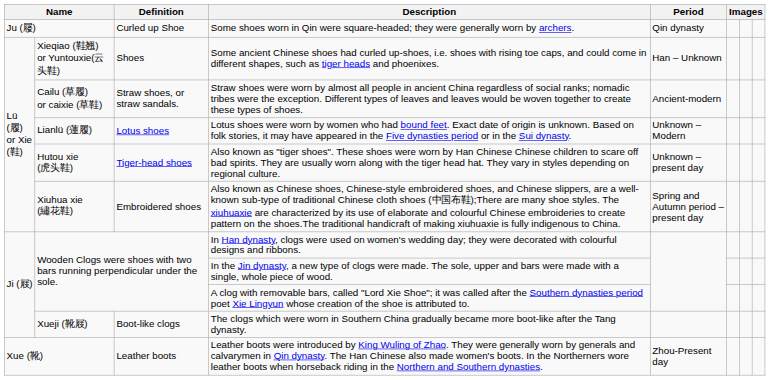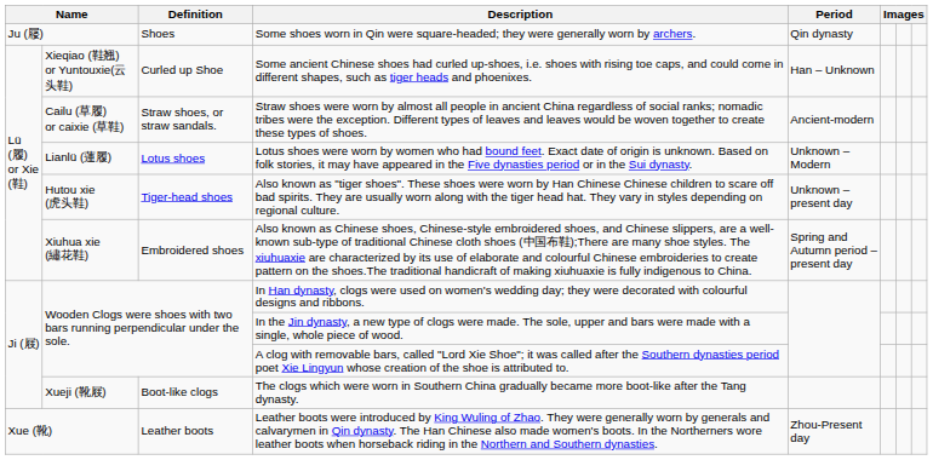 <table class="wikitable sortable mw-collapsible">
 <tr>
 <th colspan="2">Name</th>
 <th>Definition</th>
 <th>Description</th>
 <th>Period</th>
 <th colspan="3">Images</th>
 </tr>
 <tr>
 <td colspan="2">Ju (屦)</td>
-<td>Curled up Shoe</td>
+<td>Shoes</td>
 <td>Some shoes worn in Qin were square-headed; they were generally worn by <a href='#'>archers</a>.</td>
 <td>Qin dynasty</td>
 <td></td>
 <td></td>
 <td></td>
 </tr>
 <tr>
 <td rowspan="5">Lü (履) or Xie<br>(鞋)</td>
 <td>Xieqiao (鞋翘)<br>or Yuntouxie(云头鞋)</td>
-<td>Shoes</td>
+<td>Curled up Shoe</td>
 <td>Some ancient Chinese shoes had curled up-shoes, i.e. shoes with rising toe caps, and could come in different shapes, such as <a href='#'>tiger heads</a> and phoenixes.<em></em></td>
 <td>Han – Unknown</td>
 <td></td>
 <td></td>
 <td></td>
 </tr>
 <tr>
 <td>Cailu (草履)<br>or caixie (草鞋)</td>
 <td>Straw shoes, or straw sandals.</td>
 <td>Straw shoes were worn by almost all people in ancient China regardless of social ranks; nomadic tribes were the exception. Different types of leaves and leaves would be woven together to create these types of shoes.</td>
 <td>Ancient-modern</td>
 <td></td>
 <td></td>
 <td></td>
 </tr>
 <tr>
 <td>Lianlü (蓮履)</td>
 <td><a href='#'>Lotus shoes</a></td>
 <td>Lotus shoes were worn by women who had <a href='#'>bound feet</a>. Exact date of origin is unknown. Based on folk stories, it may have appeared in the <a href='#'>Five dynasties period</a> or in the <a href='#'>Sui dynasty</a>.</td>
 <td>Unknown – Modern</td>
 <td></td>
 <td></td>
 <td></td>
 </tr>
 <tr>
 <td>Hutou xie<br>(虎头鞋)</td>
 <td><a href='#'>Tiger-head shoes</a></td>
 <td>Also known as "tiger shoes". These shoes were worn by Han Chinese Chinese children to scare off bad spirits. They are usually worn along with the tiger head hat. They vary in styles depending on regional culture.</td>
 <td>Unknown – present day</td>
 <td></td>
 <td></td>
 </tr>
 <tr>
 <td>Xiuhua xie<br>(繡花鞋)</td>
 <td>Embroidered shoes</td>
 <td>Also known as Chinese shoes, Chinese-style embroidered shoes, and Chinese slippers, are a well-known sub-type of traditional Chinese cloth shoes (中国布鞋);There are many shoe styles. The <a href='#'>xiuhuaxie</a> are characterized by its use of elaborate and colourful Chinese embroideries to create pattern on the shoes.The traditional handicraft of making xiuhuaxie is fully indigenous to China.</td>
 <td>Spring and Autumn period – present day</td>
 <td></td>
 <td></td>
 <td></td>
 </tr>
 <tr>
 <td rowspan="4">Ji (屐)</td>
 <td colspan="2" rowspan="3">Wooden Clogs were shoes with two bars running perpendicular under the sole.<em></em></td>
 <td>In <a href='#'>Han dynasty</a>, clogs were used on women's wedding day; they were decorated with colourful designs and ribbons.<em></em></td>
 <td rowspan="3"></td>
 <td></td>
 <td></td>
 <td></td>
 </tr>
 <tr>
 <td>In the <a href='#'>Jin dynasty</a>, a new type of clogs were made. The sole, upper and bars were made with a single, whole piece of wood.</td>
 <td></td>
 <td></td>
 <td></td>
 </tr>
 <tr>
 <td>A clog with removable bars, called "Lord Xie Shoe"; it was called after the <a href='#'>Southern dynasties period</a> poet <a href='#'>Xie Lingyun</a> whose creation of the shoe is attributed to.</td>
 <td></td>
 <td></td>
 <td></td>
 </tr>
 <tr>
 <td>Xueji (靴屐)</td>
 <td>Boot-like clogs</td>
 <td>The clogs which were worn in Southern China gradually became more boot-like after the Tang dynasty.</td>
 <td></td>
 <td></td>
 <td></td>
 <td></td>
 </tr>
 <tr>
 <td colspan="2">Xue (靴)</td>
 <td>Leather boots</td>
 <td>Leather boots were introduced by <a href='#'>King Wuling of Zhao</a>. They were generally worn by generals and calvarymen in <a href='#'>Qin dynasty</a>. The Han Chinese also made women's boots. In the Northerners wore leather boots when horseback riding in the <a href='#'>Northern and Southern dynasties</a>.</td>
 <td>Zhou-Present day</td>
 <td></td>
 <td></td>
 <td></td>
 </tr>
 </table>
